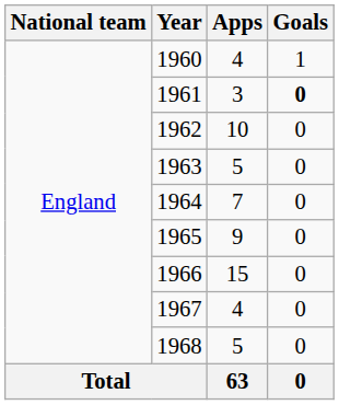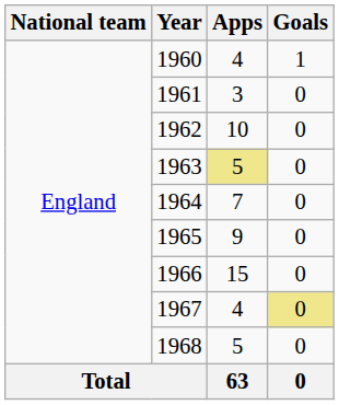 <table class="wikitable" style="text-align:center">
 <tr>
 <th>National team</th>
 <th>Year</th>
 <th>Apps</th>
 <th>Goals</th>
 </tr>
 <tr>
 <td rowspan="9"><a href='#'>England</a></td>
 <td>1960</td>
 <td>4</td>
 <td>1</td>
 </tr>
 <tr>
 <td>1961</td>
 <td>3</td>
-<td><strong>0</strong></td>
+<td>0</td>
 </tr>
 <tr>
 <td>1962</td>
 <td>10</td>
 <td>0</td>
 </tr>
 <tr>
 <td>1963</td>
-<td>5</td>
+<td style="background: khaki;">5</td>
 <td>0</td>
 </tr>
 <tr>
 <td>1964</td>
 <td>7</td>
 <td>0</td>
 </tr>
 <tr>
 <td>1965</td>
 <td>9</td>
 <td>0</td>
 </tr>
 <tr>
 <td>1966</td>
 <td>15</td>
 <td>0</td>
 </tr>
 <tr>
 <td>1967</td>
 <td>4</td>
-<td>0</td>
+<td style="background: khaki;">0</td>
 </tr>
 <tr>
 <td>1968</td>
 <td>5</td>
 <td>0</td>
 </tr>
 <tr>
 <th colspan="2">Total</th>
 <th>63</th>
 <th>0</th>
 </tr>
 </table>
